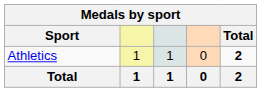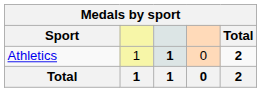 <table class="wikitable" style="font-size:90%; text-align:center;">
 <tr>
 <th colspan=5>Medals by sport</th>
 </tr>
 <tr>
 <th width=120>Sport</th>
 <th scope="col" width=30 style="background:#F7F6A8;"></th>
 <th scope="col" width=30 style="background:#DCE5E5;"></th>
 <th scope="col" width=30 style="background:#FFDAB9;"></th>
 <th width=30>Total</th>
 </tr>
 <tr>
 <td align=left><a href='#'>Athletics</a></td>
 <td style="background:#F7F6A8;">1</td>
-<td style="background:#DCE5E5;">1</td>
+<td style="background:#DCE5E5;"><strong>1</strong></td>
 <td style="background:#FFDAB9;">0</td>
 <td><strong>2</strong></td>
 </tr>
 <tr class="sortbottom">
 <th>Total</th>
 <th>1</th>
 <th>1</th>
 <th>0</th>
 <th>2</th>
 </tr>
 </table>
